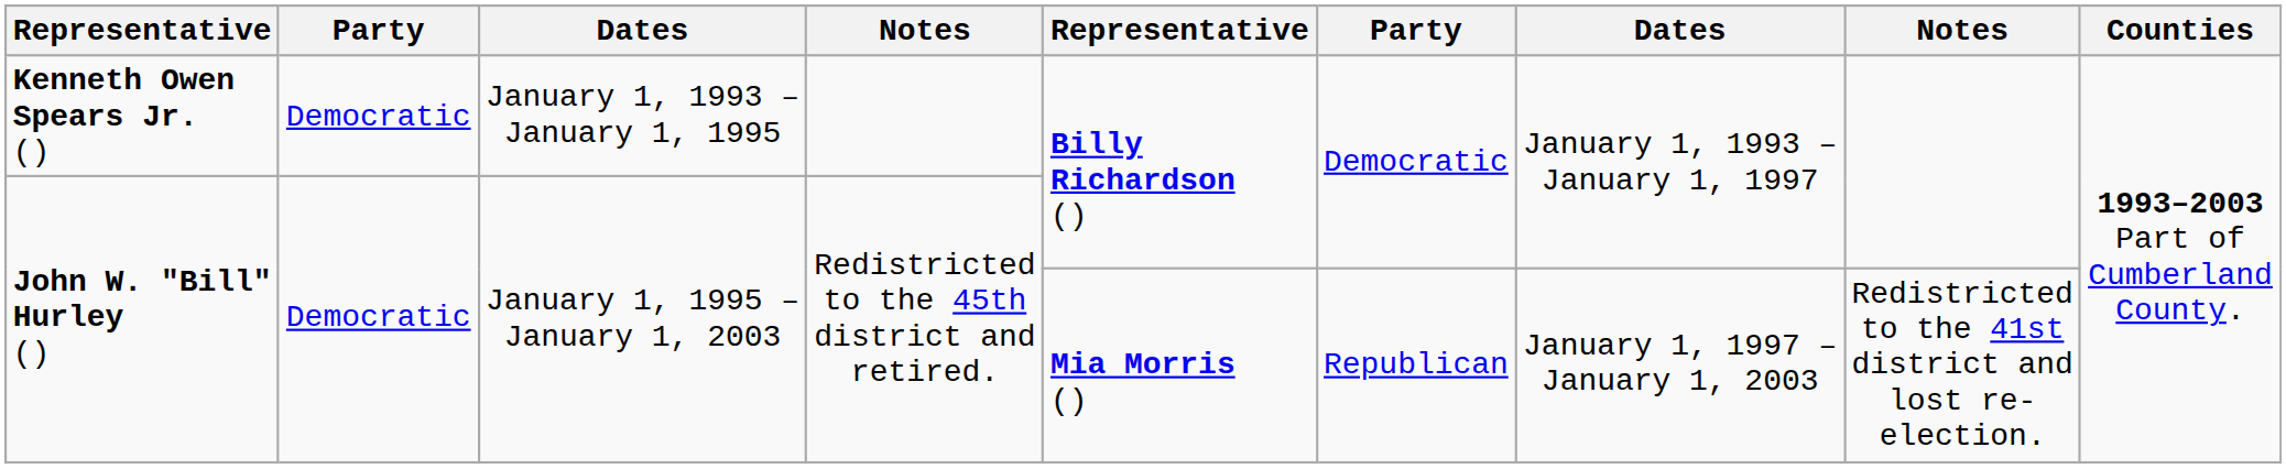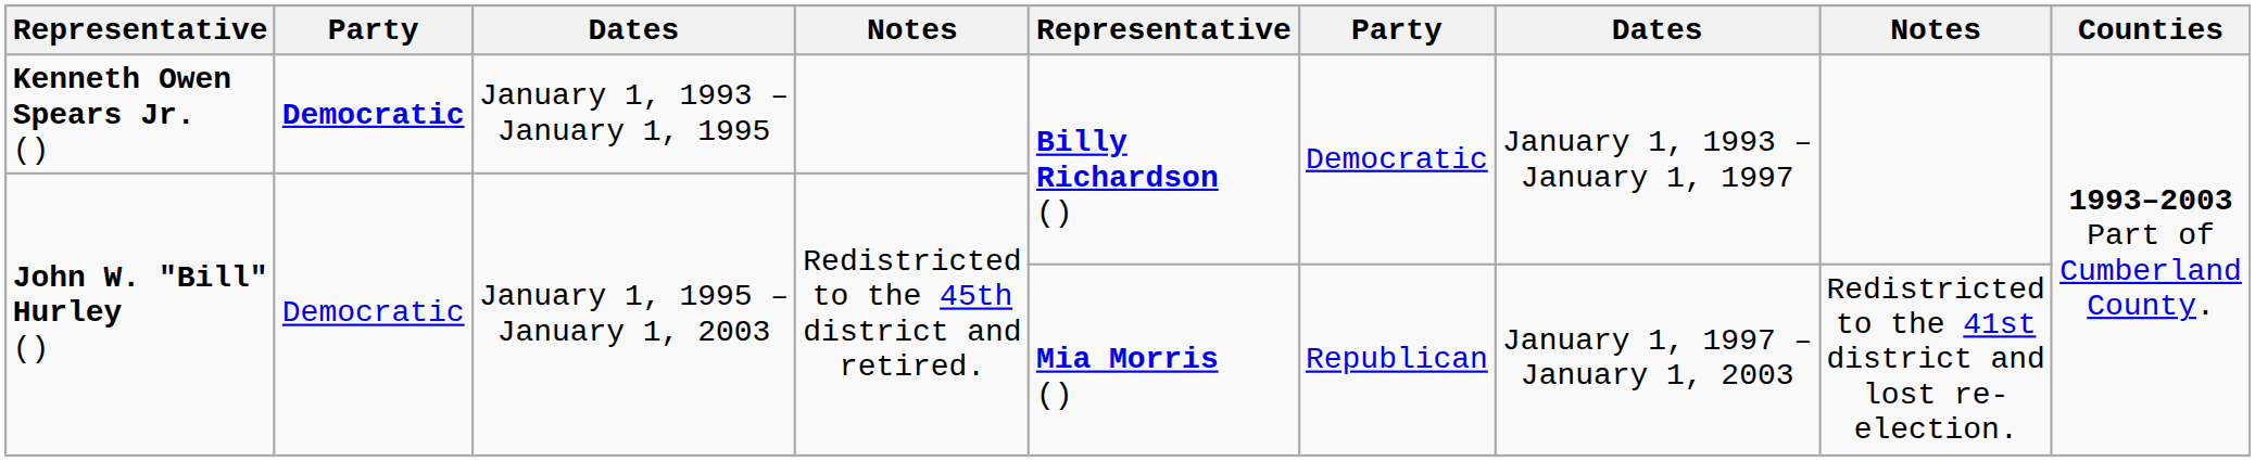 <table class=wikitable style="text-align:center">
 <tr>
 <th>Representative</th>
 <th>Party</th>
 <th>Dates</th>
 <th>Notes</th>
 <th>Representative</th>
 <th>Party</th>
 <th>Dates</th>
 <th>Notes</th>
 <th>Counties</th>
 </tr>
 <tr style="height:3em">
 <td align=left><strong>Kenneth Owen Spears Jr.</strong><br>()</td>
-<td><a href='#'>Democratic</a></td>
+<td><strong><a href='#'>Democratic</a></strong></td>
 <td nowrap>January 1, 1993 – <br> January 1, 1995</td>
 <td></td>
 <td rowspan=2 align=left><br><strong><a href='#'>Billy Richardson</a></strong><br>()</td>
 <td rowspan=2 ><a href='#'>Democratic</a></td>
 <td rowspan=2 nowrap>January 1, 1993 – <br> January 1, 1997</td>
 <td rowspan=2></td>
 <td rowspan=3><strong>1993–2003</strong><br> Part of <a href='#'>Cumberland County</a>.</td>
 </tr>
 <tr style="height:3em">
 <td rowspan=2 align=left><strong>John W. "Bill" Hurley</strong><br>()</td>
 <td rowspan=2 ><a href='#'>Democratic</a></td>
 <td rowspan=2 nowrap>January 1, 1995 – <br> January 1, 2003</td>
 <td rowspan=2>Redistricted to the <a href='#'>45th</a> district and retired.</td>
 </tr>
 <tr style="height:3em">
 <td align=left><br><strong><a href='#'>Mia Morris</a></strong><br>()</td>
 <td><a href='#'>Republican</a></td>
 <td nowrap>January 1, 1997 – <br> January 1, 2003</td>
 <td>Redistricted to the <a href='#'>41st</a> district and lost re-election.</td>
 </tr>
 </table>
